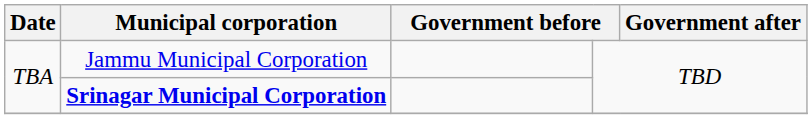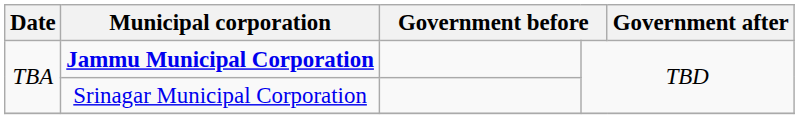 <table class="wikitable sortable"style="text-align:center;">
 <tr>
 <th>Date</th>
 <th>Municipal corporation</th>
 <th colspan="2">Government before</th>
 <th colspan="2">Government after</th>
 </tr>
 <tr>
 <td rowspan=2><em>TBA</em></td>
-<td><a href='#'>Jammu Municipal Corporation</a></td>
+<td><strong><a href='#'>Jammu Municipal Corporation</a></strong></td>
 <td></td>
 <td colspan=2 rowspan=2><em>TBD</em></td>
 </tr>
 <tr>
-<td><strong><a href='#'>Srinagar Municipal Corporation</a></strong></td>
+<td><a href='#'>Srinagar Municipal Corporation</a></td>
 <td></td>
 </tr>
 <tr>
 </tr>
 </table>
